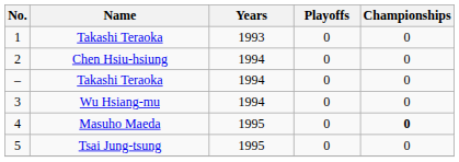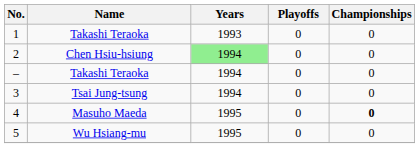 <table class=wikitable style="text-align:center; font-size:95%">
 <tr>
 <th width = "10">No.</th>
 <th width = "200">Name</th>
 <th width = "90">Years</th>
 <th width = "70">Playoffs</th>
 <th width = "70">Championships</th>
 </tr>
 <tr>
 <td>1</td>
 <td><a href='#'>Takashi Teraoka</a></td>
 <td>1993</td>
 <td>0</td>
 <td>0</td>
 </tr>
 <tr>
 <td>2</td>
 <td><a href='#'>Chen Hsiu-hsiung</a></td>
-<td>1994</td>
+<td style="background: lightgreen;">1994</td>
 <td>0</td>
 <td>0</td>
 </tr>
 <tr>
 <td>–</td>
 <td><a href='#'>Takashi Teraoka</a></td>
 <td>1994</td>
 <td>0</td>
 <td>0</td>
 </tr>
 <tr>
 <td>3</td>
-<td><a href='#'>Wu Hsiang-mu</a></td>
+<td><a href='#'>Tsai Jung-tsung</a></td>
 <td>1994</td>
 <td>0</td>
 <td>0</td>
 </tr>
 <tr>
 <td>4</td>
 <td><a href='#'>Masuho Maeda</a></td>
 <td>1995</td>
 <td>0</td>
 <td><strong>0</strong></td>
 </tr>
 <tr>
 <td>5</td>
-<td><a href='#'>Tsai Jung-tsung</a></td>
+<td><a href='#'>Wu Hsiang-mu</a></td>
 <td>1995</td>
 <td>0</td>
 <td>0</td>
 </tr>
 <tr>
 </tr>
 </table>
